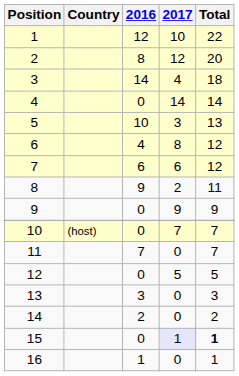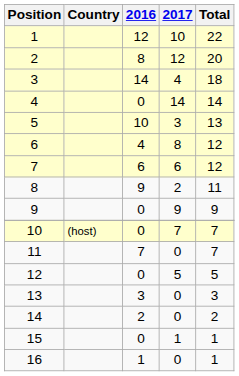 <table class="wikitable sortable" style="text-align:center;">
 <tr>
 <th>Position</th>
 <th>Country</th>
 <th><a href='#'>2016</a></th>
 <th><a href='#'>2017</a></th>
 <th>Total</th>
 </tr>
 <tr style="background:#ffffcc">
 <td>1</td>
 <td align=left></td>
 <td>12</td>
 <td>10</td>
 <td>22</td>
 </tr>
 <tr style="background:#ffffcc">
 <td>2</td>
 <td align=left></td>
 <td>8</td>
 <td>12</td>
 <td>20</td>
 </tr>
 <tr style="background:#ffffcc">
 <td>3</td>
 <td align=left></td>
 <td>14</td>
 <td>4</td>
 <td>18</td>
 </tr>
 <tr style="background:#ffffcc">
 <td>4</td>
 <td align=left></td>
 <td>0</td>
 <td>14</td>
 <td>14</td>
 </tr>
 <tr style="background:#ffffcc">
 <td>5</td>
 <td align=left></td>
 <td>10</td>
 <td>3</td>
 <td>13</td>
 </tr>
 <tr style="background:#ffffcc">
 <td>6</td>
 <td align=left></td>
 <td>4</td>
 <td>8</td>
 <td>12</td>
 </tr>
 <tr style="background:#ffffcc">
 <td>7</td>
 <td align=left></td>
 <td>6</td>
 <td>6</td>
 <td>12</td>
 </tr>
 <tr>
 <td>8</td>
 <td align=left></td>
 <td>9</td>
 <td>2</td>
 <td>11</td>
 </tr>
 <tr>
 <td>9</td>
 <td align=left></td>
 <td>0</td>
 <td>9</td>
 <td>9</td>
 </tr>
 <tr>
 </tr>
 <tr style="background:#ffffcc">
 <td>10</td>
 <td align=left> <small>(host)</small></td>
 <td>0</td>
 <td>7</td>
 <td>7</td>
 </tr>
 <tr>
 <td>11</td>
 <td align=left></td>
 <td>7</td>
 <td>0</td>
 <td>7</td>
 </tr>
 <tr>
 <td>12</td>
 <td align=left></td>
 <td>0</td>
 <td>5</td>
 <td>5</td>
 </tr>
 <tr>
 <td>13</td>
 <td align=left></td>
 <td>3</td>
 <td>0</td>
 <td>3</td>
 </tr>
 <tr>
 <td>14</td>
 <td align=left></td>
 <td>2</td>
 <td>0</td>
 <td>2</td>
 </tr>
 <tr>
 <td>15</td>
 <td align=left></td>
 <td>0</td>
-<td style="background: lavender;">1</td>
-<td><strong>1</strong></td>
+<td>1</td>
+<td>1</td>
 </tr>
 <tr>
 <td>16</td>
 <td align=left></td>
 <td>1</td>
 <td>0</td>
 <td>1</td>
 </tr>
 </table>
